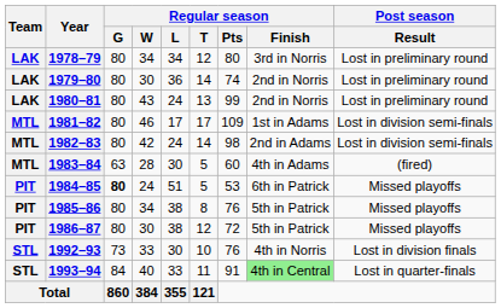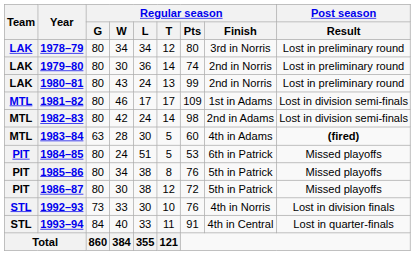 <table class="wikitable" style="font-size: 95%; text-align:center;">
 <tr>
 <th rowspan="2">Team</th>
 <th rowspan="2">Year</th>
 <th colspan="6"><a href='#'>Regular season</a></th>
 <th colspan="1"><a href='#'>Post season</a></th>
 </tr>
 <tr>
 <th>G</th>
 <th>W</th>
 <th>L</th>
 <th>T</th>
 <th>Pts</th>
 <th>Finish</th>
 <th>Result</th>
 </tr>
 <tr>
 <th><a href='#'>LAK</a></th>
 <th><a href='#'>1978–79</a></th>
 <td>80</td>
 <td>34</td>
 <td>34</td>
 <td>12</td>
 <td>80</td>
 <td>3rd in Norris</td>
 <td>Lost in preliminary round</td>
 </tr>
 <tr>
 <th>LAK</th>
 <th><a href='#'>1979–80</a></th>
 <td>80</td>
 <td>30</td>
 <td>36</td>
 <td>14</td>
 <td>74</td>
 <td>2nd in Norris</td>
 <td>Lost in preliminary round</td>
 </tr>
 <tr>
 <th>LAK</th>
 <th><a href='#'>1980–81</a></th>
 <td>80</td>
 <td>43</td>
 <td>24</td>
 <td>13</td>
 <td>99</td>
 <td>2nd in Norris</td>
 <td>Lost in preliminary round</td>
 </tr>
 <tr>
 <th><a href='#'>MTL</a></th>
 <th><a href='#'>1981–82</a></th>
 <td>80</td>
 <td>46</td>
 <td>17</td>
 <td>17</td>
 <td>109</td>
 <td>1st in Adams</td>
 <td>Lost in division semi-finals</td>
 </tr>
 <tr>
 <th>MTL</th>
 <th><a href='#'>1982–83</a></th>
 <td>80</td>
 <td>42</td>
 <td>24</td>
 <td>14</td>
 <td>98</td>
 <td>2nd in Adams</td>
 <td>Lost in division semi-finals</td>
 </tr>
 <tr>
 <th>MTL</th>
 <th><a href='#'>1983–84</a></th>
 <td>63</td>
 <td>28</td>
 <td>30</td>
 <td>5</td>
 <td>60</td>
 <td>4th in Adams</td>
-<td>(fired)</td>
+<td><strong>(fired)</strong></td>
 </tr>
 <tr>
 <th><a href='#'>PIT</a></th>
 <th><a href='#'>1984–85</a></th>
-<td><strong>80</strong></td>
+<td>80</td>
 <td>24</td>
 <td>51</td>
 <td>5</td>
 <td>53</td>
 <td>6th in Patrick</td>
 <td>Missed playoffs</td>
 </tr>
 <tr>
 <th>PIT</th>
 <th><a href='#'>1985–86</a></th>
 <td>80</td>
 <td>34</td>
 <td>38</td>
 <td>8</td>
 <td>76</td>
 <td>5th in Patrick</td>
 <td>Missed playoffs</td>
 </tr>
 <tr>
 <th>PIT</th>
 <th><a href='#'>1986–87</a></th>
 <td>80</td>
 <td>30</td>
 <td>38</td>
 <td>12</td>
 <td>72</td>
 <td>5th in Patrick</td>
 <td>Missed playoffs</td>
 </tr>
 <tr>
 <th><a href='#'>STL</a></th>
 <th><a href='#'>1992–93</a></th>
 <td>73</td>
 <td>33</td>
 <td>30</td>
 <td>10</td>
 <td>76</td>
 <td>4th in Norris</td>
 <td>Lost in division finals</td>
 </tr>
 <tr>
 <th>STL</th>
 <th><a href='#'>1993–94</a></th>
 <td>84</td>
 <td>40</td>
 <td>33</td>
 <td>11</td>
 <td>91</td>
-<td style="background: lightgreen;">4th in Central</td>
+<td>4th in Central</td>
 <td>Lost in quarter-finals</td>
 </tr>
 <tr>
 <th colspan="2">Total</th>
 <th>860</th>
 <th>384</th>
 <th>355</th>
 <th>121</th>
 </tr>
 </table>
